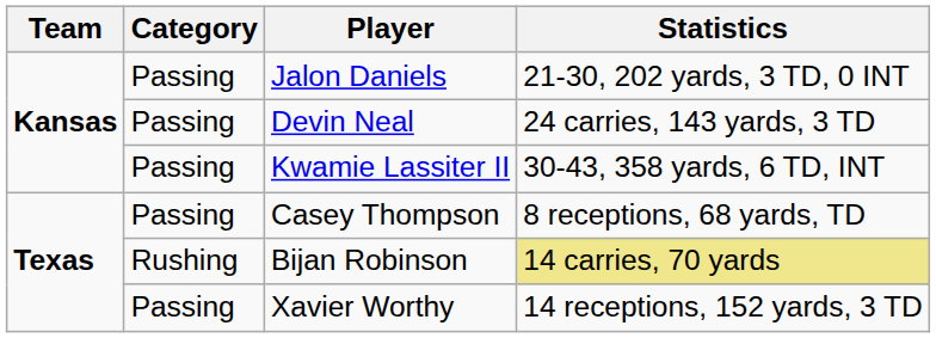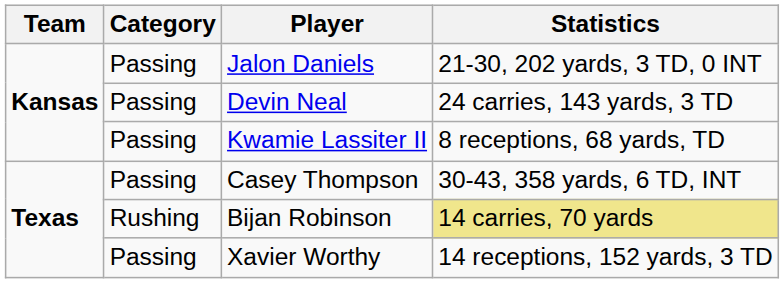 <table class="wikitable" style="float: right;">
 <tr>
 <th>Team</th>
 <th>Category</th>
 <th>Player</th>
 <th>Statistics</th>
 </tr>
 <tr>
 <td rowspan=3><strong>Kansas</strong></td>
 <td>Passing</td>
 <td><a href='#'>Jalon Daniels</a></td>
 <td>21-30, 202 yards, 3 TD, 0 INT</td>
 </tr>
 <tr>
 <td>Passing</td>
 <td><a href='#'>Devin Neal</a></td>
 <td>24 carries, 143 yards, 3 TD</td>
 </tr>
 <tr>
 <td>Passing</td>
 <td><a href='#'>Kwamie Lassiter II</a></td>
-<td>30-43, 358 yards, 6 TD, INT</td>
+<td>8 receptions, 68 yards, TD</td>
 </tr>
 <tr>
 <td rowspan=3><strong>Texas</strong></td>
 <td>Passing</td>
 <td>Casey Thompson</td>
-<td>8 receptions, 68 yards, TD</td>
+<td>30-43, 358 yards, 6 TD, INT</td>
 </tr>
 <tr>
 <td>Rushing</td>
 <td>Bijan Robinson</td>
 <td style="background: khaki;">14 carries, 70 yards</td>
 </tr>
 <tr>
 <td>Passing</td>
 <td>Xavier Worthy</td>
 <td>14 receptions, 152 yards, 3 TD</td>
 </tr>
 </table>
